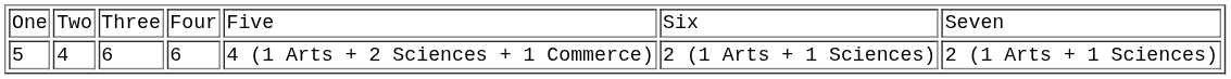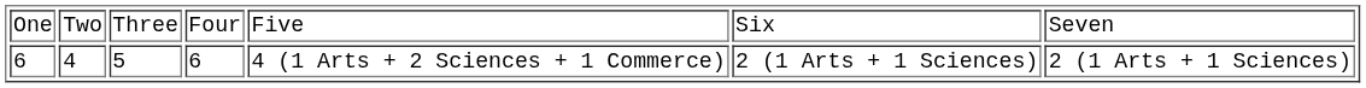 <table border="1">
 <tr>
 <td>One</td>
 <td>Two</td>
 <td>Three</td>
 <td>Four</td>
 <td>Five</td>
 <td>Six</td>
 <td>Seven</td>
 </tr>
 <tr>
+<td>6</td>
+<td>4</td>
 <td>5</td>
-<td>4</td>
-<td>6</td>
 <td>6</td>
 <td>4 (1 Arts + 2 Sciences + 1 Commerce)</td>
 <td>2 (1 Arts + 1 Sciences)</td>
 <td>2 (1 Arts + 1 Sciences)</td>
 </tr>
 </table>
